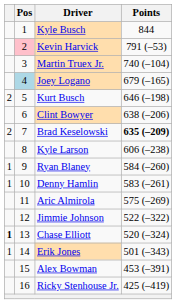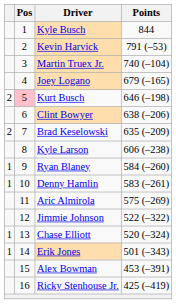 <table class="wikitable" style="font-size: 95%">
 <tr>
 <th></th>
 <th>Pos</th>
 <th>Driver</th>
 <th>Points</th>
 </tr>
 <tr>
 <td align="left"></td>
 <td style="text-align:center;">1</td>
 <td style="background:#FFDEAD;"><a href='#'>Kyle Busch</a></td>
 <td style="text-align:center;">844</td>
 </tr>
 <tr>
 <td align="left"></td>
-<td style="background: pink; text-align:center;">2</td>
+<td style="text-align:center;">2</td>
 <td style="background:#FFDEAD;"><a href='#'>Kevin Harvick</a></td>
 <td style="text-align:center;">791 (–53)</td>
 </tr>
 <tr>
 <td align="left"></td>
 <td style="text-align:center;">3</td>
 <td style="background:#FFDEAD;"><a href='#'>Martin Truex Jr.</a></td>
 <td style="text-align:center;">740 (–104)</td>
 </tr>
 <tr>
 <td align="left"></td>
-<td style="background: lightblue; text-align:center;">4</td>
+<td style="text-align:center;">4</td>
 <td style="background:#FFDEAD;"><a href='#'>Joey Logano</a></td>
 <td style="text-align:center;">679 (–165)</td>
 </tr>
 <tr>
 <td align="left"> 2</td>
-<td style="text-align:center;">5</td>
+<td style="background: pink; text-align:center;">5</td>
 <td><a href='#'>Kurt Busch</a></td>
 <td style="text-align:center;">646 (–198)</td>
 </tr>
 <tr>
 <td align="left"></td>
 <td style="text-align:center;">6</td>
 <td style="background:#FFDEAD;"><a href='#'>Clint Bowyer</a></td>
 <td style="text-align:center;">638 (–206)</td>
 </tr>
 <tr>
 <td align="left"> 2</td>
 <td style="text-align:center;">7</td>
 <td><a href='#'>Brad Keselowski</a></td>
-<td style="text-align:center;"><strong>635 (–209)</strong></td>
+<td style="text-align:center;">635 (–209)</td>
 </tr>
 <tr>
 <td align="left"></td>
 <td style="text-align:center;">8</td>
 <td><a href='#'>Kyle Larson</a></td>
 <td style="text-align:center;">606 (–238)</td>
 </tr>
 <tr>
 <td align="left"> 1</td>
 <td style="text-align:center;">9</td>
 <td><a href='#'>Ryan Blaney</a></td>
 <td style="text-align:center;">584 (–260)</td>
 </tr>
 <tr>
 <td align="left"> 1</td>
 <td style="text-align:center;">10</td>
 <td><a href='#'>Denny Hamlin</a></td>
 <td style="text-align:center;">583 (–261)</td>
 </tr>
 <tr>
 <td align="left"></td>
 <td style="text-align:center;">11</td>
 <td><a href='#'>Aric Almirola</a></td>
 <td style="text-align:center;">575 (–269)</td>
 </tr>
 <tr>
 <td align="left"></td>
 <td style="text-align:center;">12</td>
 <td><a href='#'>Jimmie Johnson</a></td>
 <td style="text-align:center;">522 (–322)</td>
 </tr>
 <tr>
-<td align="left"><strong> 1</strong></td>
+<td align="left"> 1</td>
 <td style="text-align:center;">13</td>
 <td><a href='#'>Chase Elliott</a></td>
 <td style="text-align:center;">520 (–324)</td>
 </tr>
 <tr>
 <td align="left"> 1</td>
 <td style="text-align:center;">14</td>
 <td style="background:#FFDEAD;"><a href='#'>Erik Jones</a></td>
 <td style="text-align:center;">501 (–343)</td>
 </tr>
 <tr>
 <td align="left"></td>
 <td style="text-align:center;">15</td>
 <td><a href='#'>Alex Bowman</a></td>
 <td style="text-align:center;">453 (–391)</td>
 </tr>
 <tr>
 <td align="left"></td>
 <td style="text-align:center;">16</td>
 <td><a href='#'>Ricky Stenhouse Jr.</a></td>
 <td style="text-align:center;">425 (–419)</td>
 </tr>
 <tr class="sortbottom">
 <th colspan="9"></th>
 </tr>
 </table>
